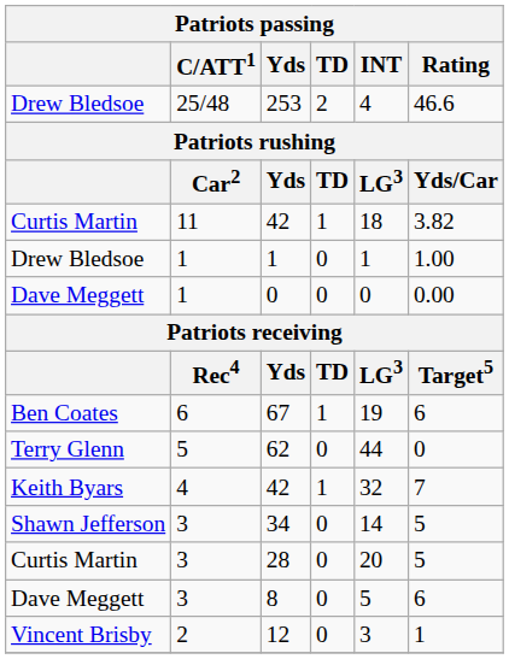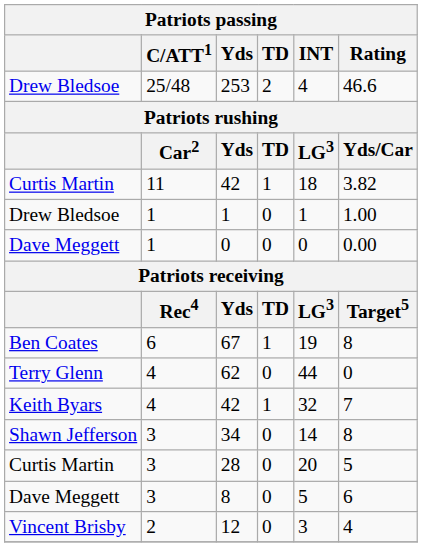 <table class="wikitable">
 <tr>
 <th colspan="6">Patriots passing</th>
 </tr>
 <tr>
 <th></th>
 <th>C/ATT<sup>1</sup></th>
 <th>Yds</th>
 <th>TD</th>
 <th>INT</th>
 <th>Rating</th>
 </tr>
 <tr>
 <td><a href='#'>Drew Bledsoe</a></td>
 <td>25/48</td>
 <td>253</td>
 <td>2</td>
 <td>4</td>
 <td>46.6</td>
 </tr>
 <tr>
 <th colspan="6">Patriots rushing</th>
 </tr>
 <tr>
 <th></th>
 <th>Car<sup>2</sup></th>
 <th>Yds</th>
 <th>TD</th>
 <th>LG<sup>3</sup></th>
 <th>Yds/Car</th>
 </tr>
 <tr>
 <td><a href='#'>Curtis Martin</a></td>
 <td>11</td>
 <td>42</td>
 <td>1</td>
 <td>18</td>
 <td>3.82</td>
 </tr>
 <tr>
 <td>Drew Bledsoe</td>
 <td>1</td>
 <td>1</td>
 <td>0</td>
 <td>1</td>
 <td>1.00</td>
 </tr>
 <tr>
 <td><a href='#'>Dave Meggett</a></td>
 <td>1</td>
 <td>0</td>
 <td>0</td>
 <td>0</td>
 <td>0.00</td>
 </tr>
 <tr>
 <th colspan="6">Patriots receiving</th>
 </tr>
 <tr>
 <th></th>
 <th>Rec<sup>4</sup></th>
 <th>Yds</th>
 <th>TD</th>
 <th>LG<sup>3</sup></th>
 <th>Target<sup>5</sup></th>
 </tr>
 <tr>
 <td><a href='#'>Ben Coates</a></td>
 <td>6</td>
 <td>67</td>
 <td>1</td>
 <td>19</td>
-<td>6</td>
+<td>8</td>
 </tr>
 <tr>
 <td><a href='#'>Terry Glenn</a></td>
-<td>5</td>
+<td>4</td>
 <td>62</td>
 <td>0</td>
 <td>44</td>
 <td>0</td>
 </tr>
 <tr>
 <td><a href='#'>Keith Byars</a></td>
 <td>4</td>
 <td>42</td>
 <td>1</td>
 <td>32</td>
 <td>7</td>
 </tr>
 <tr>
 <td><a href='#'>Shawn Jefferson</a></td>
 <td>3</td>
 <td>34</td>
 <td>0</td>
 <td>14</td>
-<td>5</td>
+<td>8</td>
 </tr>
 <tr>
 <td>Curtis Martin</td>
 <td>3</td>
 <td>28</td>
 <td>0</td>
 <td>20</td>
 <td>5</td>
 </tr>
 <tr>
 <td>Dave Meggett</td>
 <td>3</td>
 <td>8</td>
 <td>0</td>
 <td>5</td>
 <td>6</td>
 </tr>
 <tr>
 <td><a href='#'>Vincent Brisby</a></td>
 <td>2</td>
 <td>12</td>
 <td>0</td>
 <td>3</td>
-<td>1</td>
+<td>4</td>
 </tr>
 <tr>
 </tr>
 </table>
